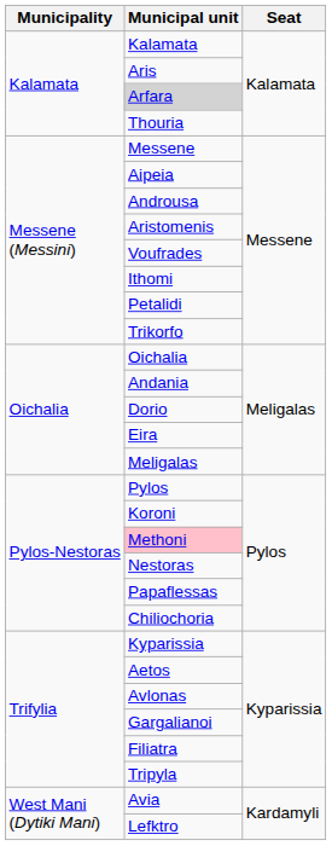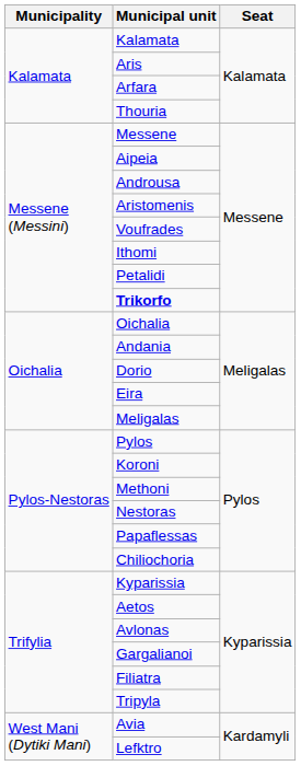 <table class="wikitable">
 <tr>
 <th>Municipality</th>
 <th>Municipal unit</th>
 <th>Seat</th>
 </tr>
 <tr>
 <td rowspan=4><a href='#'>Kalamata</a></td>
 <td><a href='#'>Kalamata</a></td>
 <td rowspan=4>Kalamata</td>
 </tr>
 <tr>
 <td><a href='#'>Aris</a></td>
 </tr>
 <tr>
-<td style="background: lightgrey;"><a href='#'>Arfara</a></td>
+<td><a href='#'>Arfara</a></td>
 </tr>
 <tr>
 <td><a href='#'>Thouria</a></td>
 </tr>
 <tr>
 <td rowspan=8><a href='#'>Messene</a> <br>(<em>Messini</em>)</td>
 <td><a href='#'>Messene</a></td>
 <td rowspan=8>Messene</td>
 </tr>
 <tr>
 <td><a href='#'>Aipeia</a></td>
 </tr>
 <tr>
 <td><a href='#'>Androusa</a></td>
 </tr>
 <tr>
 <td><a href='#'>Aristomenis</a></td>
 </tr>
 <tr>
 <td><a href='#'>Voufrades</a></td>
 </tr>
 <tr>
 <td><a href='#'>Ithomi</a></td>
 </tr>
 <tr>
 <td><a href='#'>Petalidi</a></td>
 </tr>
 <tr>
-<td><a href='#'>Trikorfo</a></td>
+<td><strong><a href='#'>Trikorfo</a></strong></td>
 </tr>
 <tr>
 <td rowspan=5><a href='#'>Oichalia</a></td>
 <td><a href='#'>Oichalia</a></td>
 <td rowspan=5>Meligalas</td>
 </tr>
 <tr>
 <td><a href='#'>Andania</a></td>
 </tr>
 <tr>
 <td><a href='#'>Dorio</a></td>
 </tr>
 <tr>
 <td><a href='#'>Eira</a></td>
 </tr>
 <tr>
 <td><a href='#'>Meligalas</a></td>
 </tr>
 <tr>
 <td rowspan=6><a href='#'>Pylos-Nestoras</a></td>
 <td><a href='#'>Pylos</a></td>
 <td rowspan=6>Pylos</td>
 </tr>
 <tr>
 <td><a href='#'>Koroni</a></td>
 </tr>
 <tr>
-<td style="background: pink;"><a href='#'>Methoni</a></td>
+<td><a href='#'>Methoni</a></td>
 </tr>
 <tr>
 <td><a href='#'>Nestoras</a></td>
 </tr>
 <tr>
 <td><a href='#'>Papaflessas</a></td>
 </tr>
 <tr>
 <td><a href='#'>Chiliochoria</a></td>
 </tr>
 <tr>
 <td rowspan=6><a href='#'>Trifylia</a></td>
 <td><a href='#'>Kyparissia</a></td>
 <td rowspan=6>Kyparissia</td>
 </tr>
 <tr>
 <td><a href='#'>Aetos</a></td>
 </tr>
 <tr>
 <td><a href='#'>Avlonas</a></td>
 </tr>
 <tr>
 <td><a href='#'>Gargalianoi</a></td>
 </tr>
 <tr>
 <td><a href='#'>Filiatra</a></td>
 </tr>
 <tr>
 <td><a href='#'>Tripyla</a></td>
 </tr>
 <tr>
 <td rowspan=2><a href='#'>West Mani</a> <br>(<em>Dytiki Mani</em>)</td>
 <td><a href='#'>Avia</a></td>
 <td rowspan=2>Kardamyli</td>
 </tr>
 <tr>
 <td><a href='#'>Lefktro</a></td>
 </tr>
 </table>
